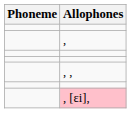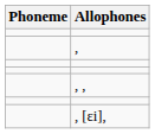 <table class="wikitable">
 <tr>
 <th>Phoneme</th>
 <th>Allophones</th>
 </tr>
 <tr>
 <td></td>
 <td></td>
 </tr>
 <tr>
 <td></td>
 <td>, </td>
 </tr>
 <tr>
 <td></td>
 <td></td>
 </tr>
 <tr>
 <td></td>
 <td></td>
 </tr>
 <tr>
 <td></td>
 <td>, , </td>
 </tr>
 <tr>
 <td></td>
 <td></td>
 </tr>
 <tr>
 <td></td>
-<td style="background: pink;">, [ɛi], </td>
+<td>, [ɛi], </td>
 </tr>
 </table>
